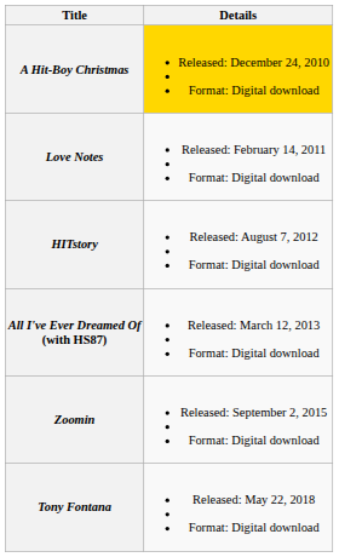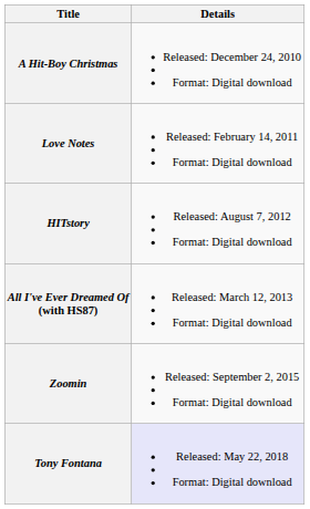 <table class="wikitable plainrowheaders" style="text-align: center;">
 <tr>
 <th>Title</th>
 <th>Details</th>
 </tr>
 <tr>
 <th scope="row"><em>A Hit-Boy Christmas</em></th>
-<td style="background: gold;"><br><ul><li>Released: December 24, 2010</li><li></li><li>Format: Digital download</li></ul></td>
+<td><br><ul><li>Released: December 24, 2010</li><li></li><li>Format: Digital download</li></ul></td>
 </tr>
 <tr>
 <th scope="row"><em>Love Notes</em></th>
 <td><br><ul><li>Released: February 14, 2011</li><li></li><li>Format: Digital download</li></ul></td>
 </tr>
 <tr>
 <th scope="row"><em>HITstory</em></th>
 <td><br><ul><li>Released: August 7, 2012</li><li></li><li>Format: Digital download</li></ul></td>
 </tr>
 <tr>
 <th scope="row"><em>All I've Ever Dreamed Of</em><br><span>(with HS87)</span></th>
 <td><br><ul><li>Released: March 12, 2013</li><li></li><li>Format: Digital download</li></ul></td>
 </tr>
 <tr>
 <th scope="row"><em>Zoomin</em></th>
 <td><br><ul><li>Released: September 2, 2015</li><li></li><li>Format: Digital download</li></ul></td>
 </tr>
 <tr>
 <th scope="row"><em>Tony Fontana</em></th>
-<td><br><ul><li>Released: May 22, 2018</li><li></li><li>Format: Digital download</li></ul></td>
+<td style="background: lavender;"><br><ul><li>Released: May 22, 2018</li><li></li><li>Format: Digital download</li></ul></td>
 </tr>
 </table>
